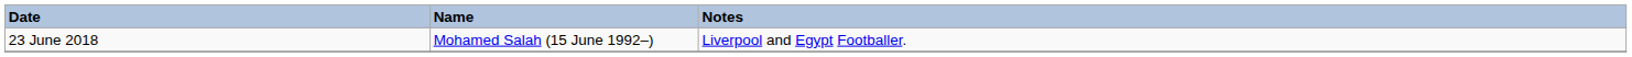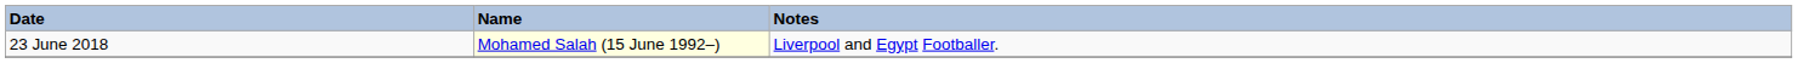 <table class="wikitable" width="75%" style="font-size: 85%; border: gray solid 1px; border-collapse: collapse; text-align: middle;">
 <tr>
 <th style="text-align: left;background:#B0C4DE">Date</th>
 <th width="240" style="text-align: left;background:#B0C4DE">Name</th>
 <th style="text-align: left;background:#B0C4DE">Notes</th>
 </tr>
 <tr>
 <td>23 June 2018</td>
-<td><a href='#'>Mohamed Salah</a> (15 June 1992–)</td>
+<td style="background: lightyellow;"><a href='#'>Mohamed Salah</a> (15 June 1992–)</td>
 <td><a href='#'>Liverpool</a> and <a href='#'>Egypt</a> <a href='#'>Footballer</a>.  </td>
 </tr>
 <tr>
 </tr>
 </table>
